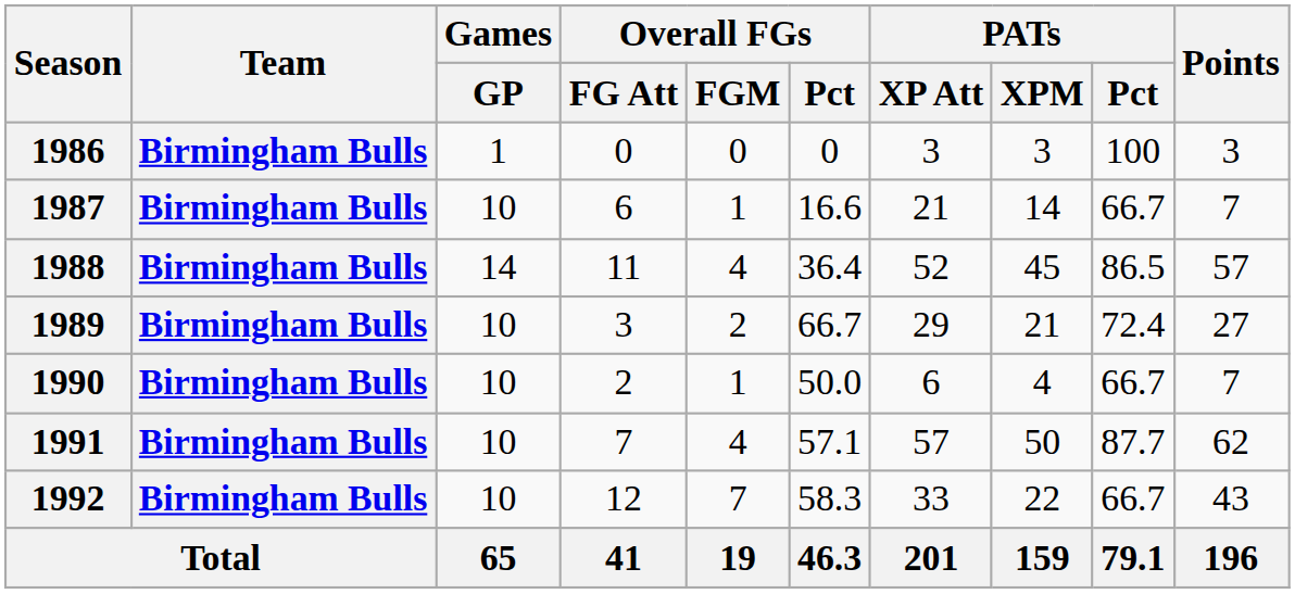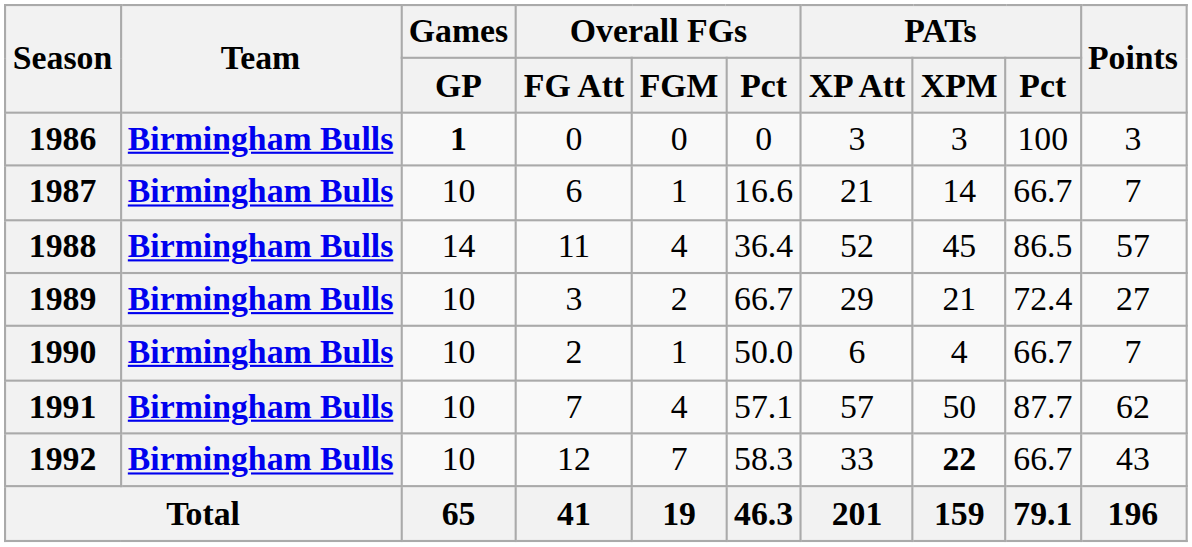 <table class=wikitable style="text-align:center;">
 <tr>
 <th rowspan=2>Season</th>
 <th rowspan=2>Team</th>
 <th>Games</th>
 <th colspan=3>Overall FGs</th>
 <th colspan=3>PATs</th>
 <th rowspan=2>Points</th>
 </tr>
 <tr>
 <th>GP</th>
 <th>FG Att</th>
 <th>FGM</th>
 <th>Pct</th>
 <th>XP Att</th>
 <th>XPM</th>
 <th>Pct</th>
 </tr>
 <tr>
 <th>1986</th>
 <th><a href='#'>Birmingham Bulls</a></th>
-<td>1</td>
+<td><strong>1</strong></td>
 <td>0</td>
 <td>0</td>
 <td>0</td>
 <td>3</td>
 <td>3</td>
 <td>100</td>
 <td>3</td>
 </tr>
 <tr>
 <th>1987</th>
 <th><a href='#'>Birmingham Bulls</a></th>
 <td>10</td>
 <td>6</td>
 <td>1</td>
 <td>16.6</td>
 <td>21</td>
 <td>14</td>
 <td>66.7</td>
 <td>7</td>
 </tr>
 <tr>
 <th>1988</th>
 <th><a href='#'>Birmingham Bulls</a></th>
 <td>14</td>
 <td>11</td>
 <td>4</td>
 <td>36.4</td>
 <td>52</td>
 <td>45</td>
 <td>86.5</td>
 <td>57</td>
 </tr>
 <tr>
 <th>1989</th>
 <th><a href='#'>Birmingham Bulls</a></th>
 <td>10</td>
 <td>3</td>
 <td>2</td>
 <td>66.7</td>
 <td>29</td>
 <td>21</td>
 <td>72.4</td>
 <td>27</td>
 </tr>
 <tr>
 <th>1990</th>
 <th><a href='#'>Birmingham Bulls</a></th>
 <td>10</td>
 <td>2</td>
 <td>1</td>
 <td>50.0</td>
 <td>6</td>
 <td>4</td>
 <td>66.7</td>
 <td>7</td>
 </tr>
 <tr>
 <th>1991</th>
 <th><a href='#'>Birmingham Bulls</a></th>
 <td>10</td>
 <td>7</td>
 <td>4</td>
 <td>57.1</td>
 <td>57</td>
 <td>50</td>
 <td>87.7</td>
 <td>62</td>
 </tr>
 <tr>
 <th>1992</th>
 <th><a href='#'>Birmingham Bulls</a></th>
 <td>10</td>
 <td>12</td>
 <td>7</td>
 <td>58.3</td>
 <td>33</td>
-<td>22</td>
+<td><strong>22</strong></td>
 <td>66.7</td>
 <td>43</td>
 </tr>
 <tr>
 <th colspan=2>Total</th>
 <th>65</th>
 <th>41</th>
 <th>19</th>
 <th>46.3</th>
 <th>201</th>
 <th>159</th>
 <th>79.1</th>
 <th>196</th>
 </tr>
 </table>
